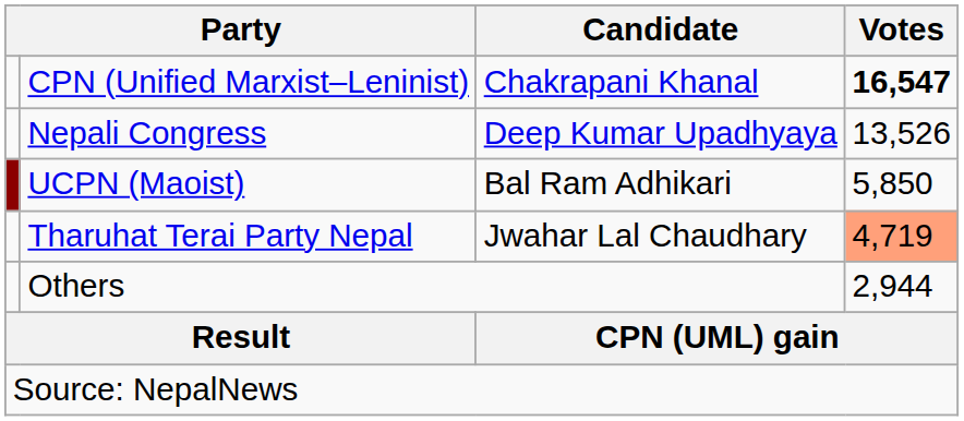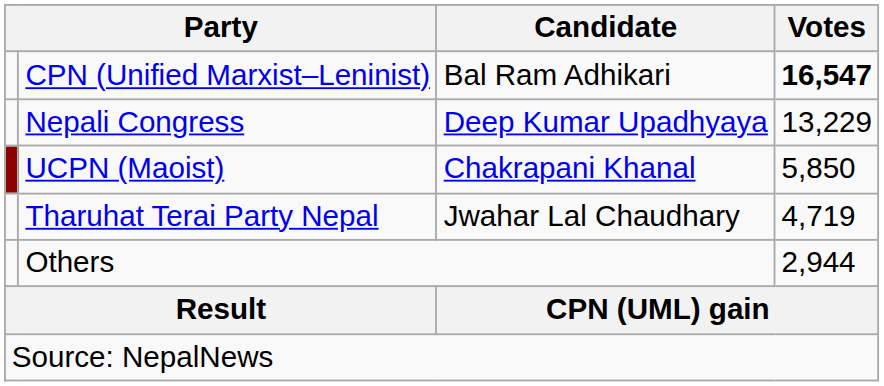 <table class="wikitable">
 <tr>
 <th colspan="2">Party</th>
 <th>Candidate</th>
 <th>Votes</th>
 </tr>
 <tr>
 <td style="background-color:"></td>
 <td><a href='#'>CPN (Unified Marxist–Leninist)</a></td>
-<td><a href='#'>Chakrapani Khanal</a></td>
+<td>Bal Ram Adhikari</td>
 <td><strong>16,547</strong></td>
 </tr>
 <tr>
 <td style="background-color:"></td>
 <td><a href='#'>Nepali Congress</a></td>
 <td><a href='#'>Deep Kumar Upadhyaya</a></td>
-<td>13,526</td>
+<td>13,229</td>
 </tr>
 <tr>
 <td style="background-color:darkred"></td>
 <td><a href='#'>UCPN (Maoist)</a></td>
-<td>Bal Ram Adhikari</td>
+<td><a href='#'>Chakrapani Khanal</a></td>
 <td>5,850</td>
 </tr>
 <tr>
 <td></td>
 <td><a href='#'>Tharuhat Terai Party Nepal</a></td>
 <td>Jwahar Lal Chaudhary</td>
-<td style="background: lightsalmon;">4,719</td>
+<td>4,719</td>
 </tr>
 <tr>
 <td></td>
 <td colspan="2">Others</td>
 <td>2,944</td>
 </tr>
 <tr>
 <th colspan="2">Result</th>
 <th colspan="2">CPN (UML) gain</th>
 </tr>
 <tr>
 <td colspan="4">Source: NepalNews</td>
 </tr>
 </table>
